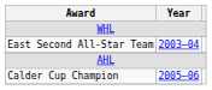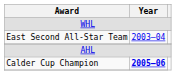 <table class="wikitable">
 <tr>
 <th>Award</th>
 <th>Year</th>
 <th></th>
 </tr>
 <tr ALIGN="center" bgcolor="#e0e0e0">
 <td colspan="3"><a href='#'>WHL</a></td>
 </tr>
 <tr>
 <td>East Second All-Star Team</td>
 <td><a href='#'>2003–04</a></td>
 <td></td>
 </tr>
 <tr>
 </tr>
 <tr ALIGN="center" bgcolor="#e0e0e0">
 <td colspan="3"><a href='#'>AHL</a></td>
 </tr>
 <tr>
 <td>Calder Cup Champion</td>
-<td><a href='#'>2005–06</a></td>
+<td><strong><a href='#'>2005–06</a></strong></td>
 </tr>
 <tr>
 </tr>
 </table>
